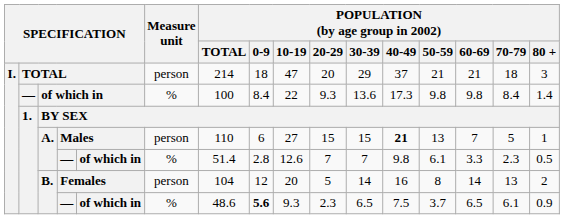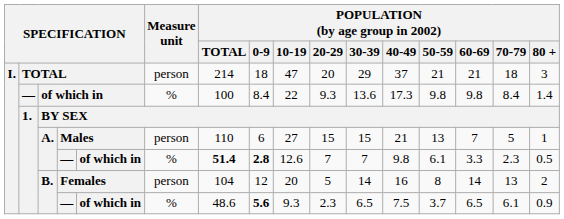 <table class="wikitable" style="font-size:85%; text-align:center">
 <tr>
 <th rowspan="2" colspan="5">SPECIFICATION</th>
 <th rowspan="2">Measure<br> unit</th>
 <th colspan="10" rowspan="1">POPULATION<br> (by age group in 2002)</th>
 </tr>
 <tr>
 <th>TOTAL</th>
 <th>0-9</th>
 <th>10-19</th>
 <th>20-29</th>
 <th>30-39</th>
 <th>40-49</th>
 <th>50-59</th>
 <th>60-69</th>
 <th>70-79</th>
 <th>80 +</th>
 </tr>
 <tr>
 <th style="text-align:left" valign="top" rowspan="7">I.</th>
 <th style="text-align:left" colspan="4">TOTAL</th>
 <td>person</td>
 <td>214</td>
 <td>18</td>
 <td>47</td>
 <td>20</td>
 <td>29</td>
 <td>37</td>
 <td>21</td>
 <td>21</td>
 <td>18</td>
 <td>3</td>
 </tr>
 <tr>
 <th style="text-align:left" valign="top">—</th>
 <th style="text-align:left" colspan="3">of which in</th>
 <td>%</td>
 <td>100</td>
 <td>8.4</td>
 <td>22</td>
 <td>9.3</td>
 <td>13.6</td>
 <td>17.3</td>
 <td>9.8</td>
 <td>9.8</td>
 <td>8.4</td>
 <td>1.4</td>
 </tr>
 <tr>
 <th style="text-align:left" valign="top" rowspan="5">1.</th>
 <th style="text-align:left" colspan="14">BY SEX</th>
 </tr>
 <tr>
 <th style="text-align:left" valign="top" rowspan="2">A.</th>
 <th style="text-align:left" colspan="2">Males</th>
 <td>person</td>
 <td>110</td>
 <td>6</td>
 <td>27</td>
 <td>15</td>
 <td>15</td>
-<td><strong>21</strong></td>
+<td>21</td>
 <td>13</td>
 <td>7</td>
 <td>5</td>
 <td>1</td>
 </tr>
 <tr>
 <th style="text-align:left" valign="top">—</th>
 <th style="text-align:left" colspan="1">of which in</th>
 <td>%</td>
-<td>51.4</td>
-<td>2.8</td>
+<td><strong>51.4</strong></td>
+<td><strong>2.8</strong></td>
 <td>12.6</td>
 <td>7</td>
 <td>7</td>
 <td>9.8</td>
 <td>6.1</td>
 <td>3.3</td>
 <td>2.3</td>
 <td>0.5</td>
 </tr>
 <tr>
 <th style="text-align:left" valign="top" rowspan="2">B.</th>
 <th style="text-align:left" colspan="2">Females</th>
 <td>person</td>
 <td>104</td>
 <td>12</td>
 <td>20</td>
 <td>5</td>
 <td>14</td>
 <td>16</td>
 <td>8</td>
 <td>14</td>
 <td>13</td>
 <td>2</td>
 </tr>
 <tr>
 <th style="text-align:left" valign="top">—</th>
 <th style="text-align:left" colspan="1">of which in</th>
 <td>%</td>
 <td>48.6</td>
 <td><strong>5.6</strong></td>
 <td>9.3</td>
 <td>2.3</td>
 <td>6.5</td>
 <td>7.5</td>
 <td>3.7</td>
 <td>6.5</td>
 <td>6.1</td>
 <td>0.9</td>
 </tr>
 </table>
